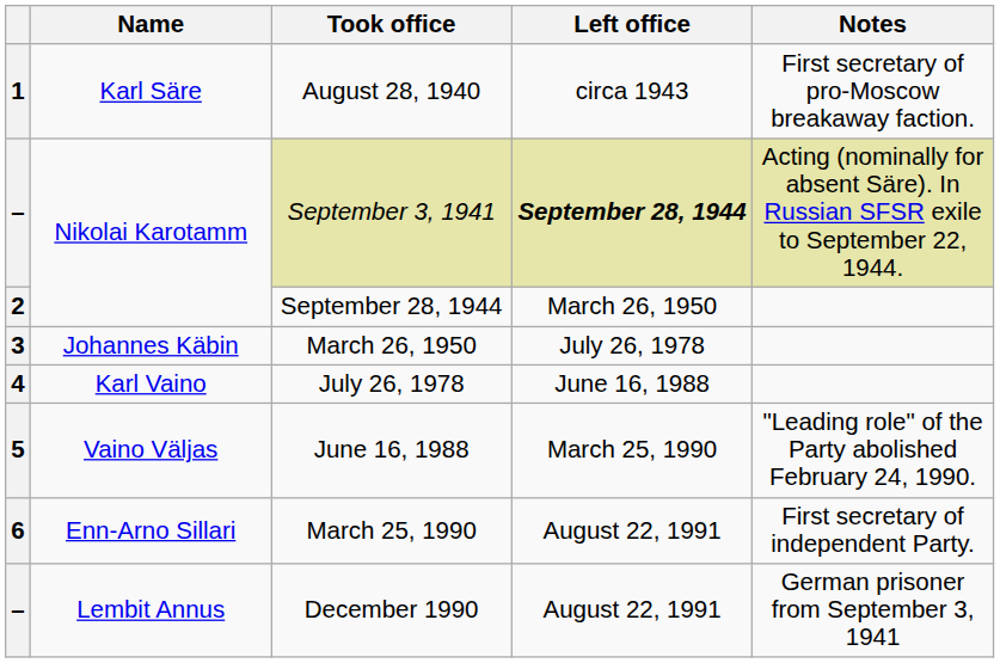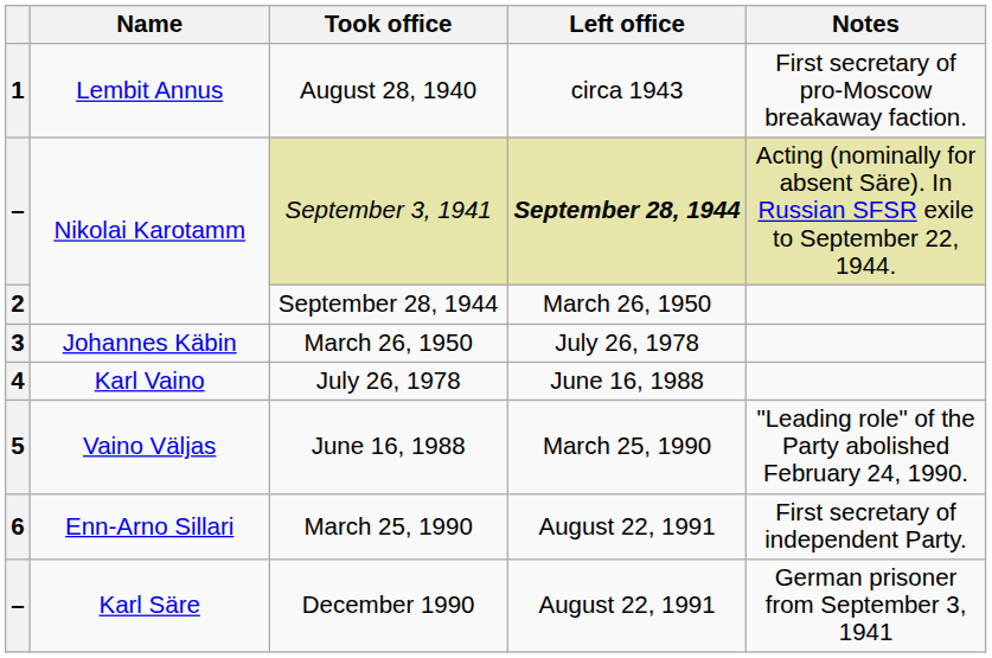 <table class="wikitable" style="text-align:center">
 <tr>
 <th></th>
 <th width="150">Name<br></th>
 <th width="150">Took office</th>
 <th width="150">Left office</th>
 <th width="150">Notes</th>
 </tr>
 <tr>
 <th style="background:">1</th>
-<td><a href='#'>Karl Säre</a></td>
+<td><a href='#'>Lembit Annus</a></td>
 <td>August 28, 1940</td>
 <td>circa 1943</td>
 <td>First secretary of pro-Moscow breakaway faction.</td>
 </tr>
 <tr>
 <th style="background:">–</th>
 <td rowspan=2><a href='#'>Nikolai Karotamm</a></td>
 <td bgcolor=#E6E6AA><em>September 3, 1941</em></td>
 <td bgcolor=#E6E6AA><strong><em>September 28, 1944</em></strong></td>
 <td bgcolor=#E6E6AA>Acting (nominally for absent Säre). In <a href='#'>Russian SFSR</a> exile to September 22, 1944.</td>
 </tr>
 <tr>
 <th style="background:">2</th>
 <td>September 28, 1944</td>
 <td>March 26, 1950</td>
 <td></td>
 </tr>
 <tr>
 <th style="background:">3</th>
 <td><a href='#'>Johannes Käbin</a></td>
 <td>March 26, 1950</td>
 <td>July 26, 1978</td>
 <td></td>
 </tr>
 <tr>
 <th style="background:">4</th>
 <td><a href='#'>Karl Vaino</a></td>
 <td>July 26, 1978</td>
 <td>June 16, 1988</td>
 <td></td>
 </tr>
 <tr>
 <th style="background:">5</th>
 <td><a href='#'>Vaino Väljas</a></td>
 <td>June 16, 1988</td>
 <td>March 25, 1990</td>
 <td>"Leading role" of the Party abolished February 24, 1990.</td>
 </tr>
 <tr>
 <th style="background:">6</th>
 <td><a href='#'>Enn-Arno Sillari</a></td>
 <td>March 25, 1990</td>
 <td>August 22, 1991</td>
 <td>First secretary of independent Party.</td>
 </tr>
 <tr>
 <th style="background:">–</th>
-<td><a href='#'>Lembit Annus</a></td>
+<td><a href='#'>Karl Säre</a></td>
 <td>December 1990</td>
 <td>August 22, 1991</td>
 <td>German prisoner from September 3, 1941</td>
 </tr>
 </table>
